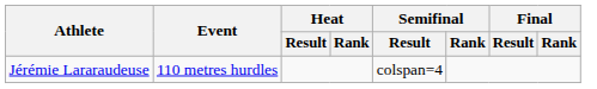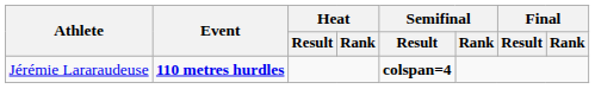 <table class="wikitable" style="font-size:90%">
 <tr>
 <th rowspan="2">Athlete</th>
 <th rowspan="2">Event</th>
 <th colspan="2">Heat</th>
 <th colspan="2">Semifinal</th>
 <th colspan="2">Final</th>
 </tr>
 <tr style="font-size:95%">
 <th>Result</th>
 <th>Rank</th>
 <th>Result</th>
 <th>Rank</th>
 <th>Result</th>
 <th>Rank</th>
 </tr>
 <tr align=center>
 <td align=left><a href='#'>Jérémie Lararaudeuse</a></td>
-<td align=left><a href='#'>110 metres hurdles</a></td>
+<td align=left><strong><a href='#'>110 metres hurdles</a></strong></td>
 <td colspan=2></td>
-<td>colspan=4 </td>
+<td><strong>colspan=4 </strong></td>
 </tr>
 </table>
